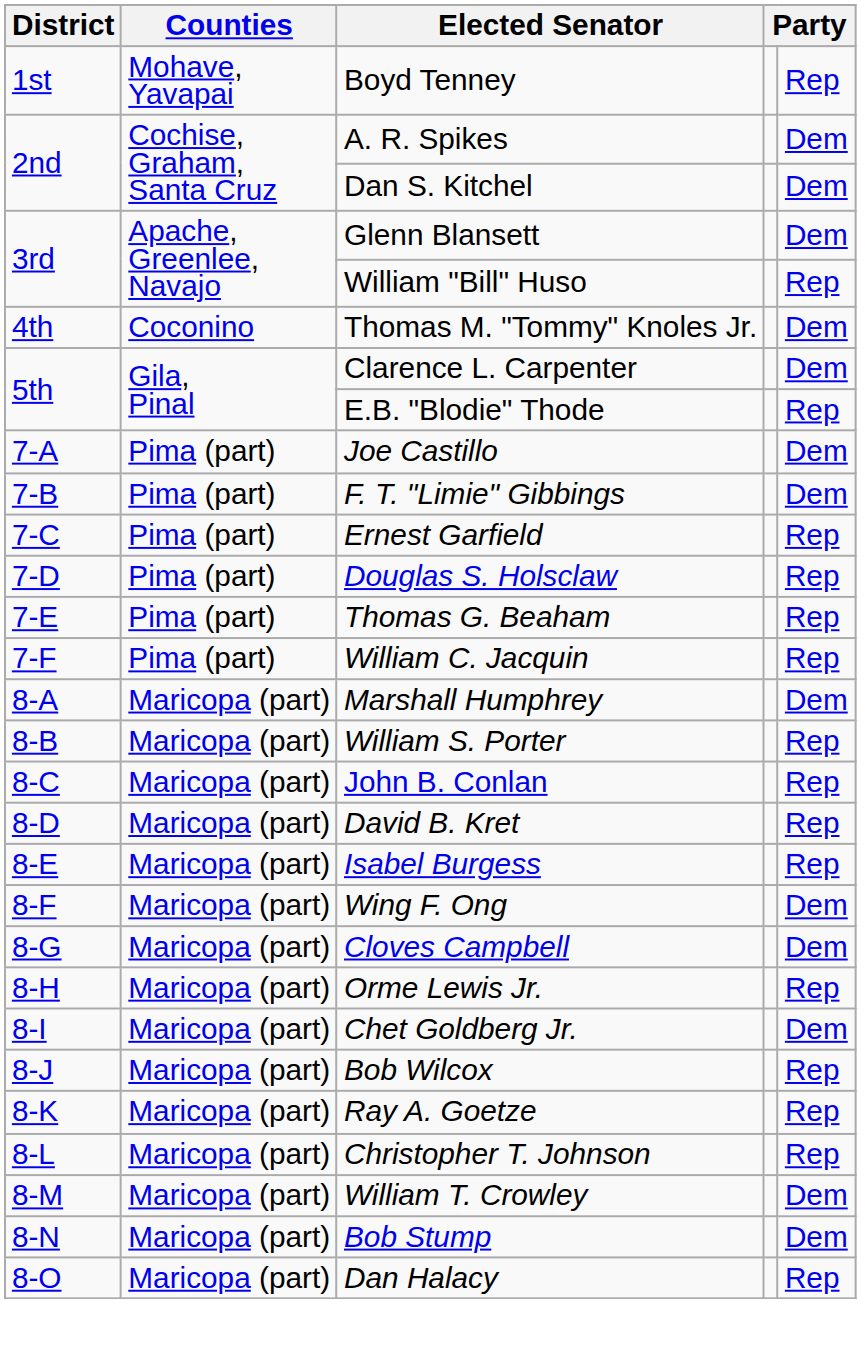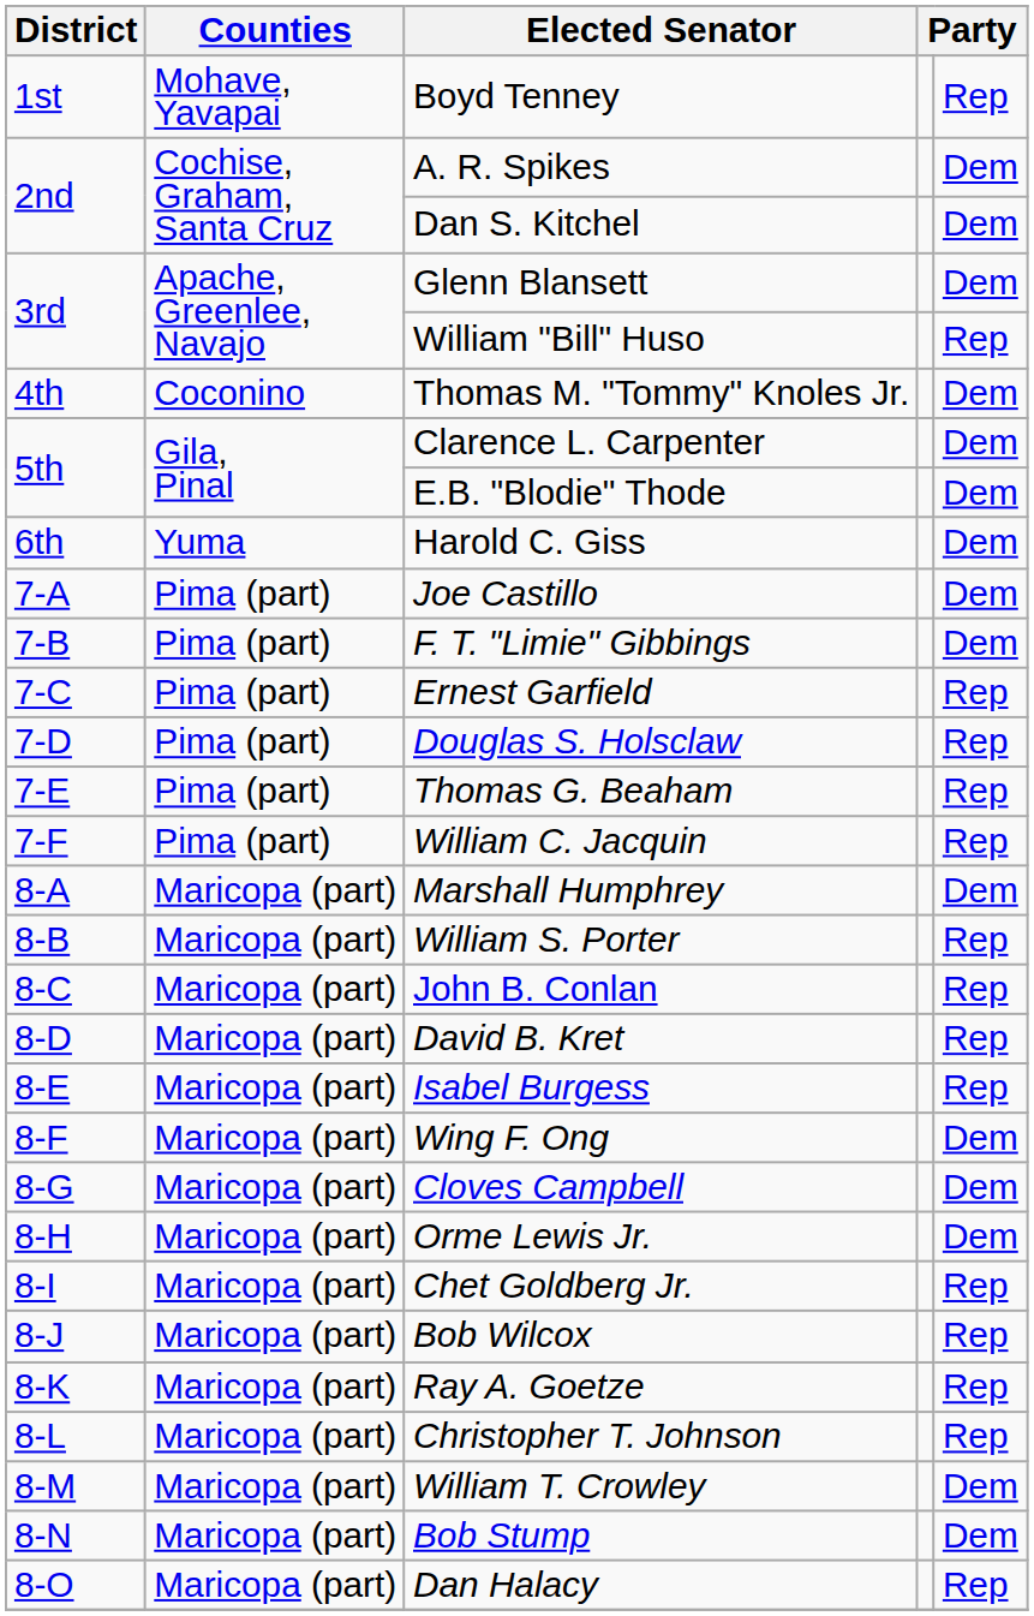 <table class="sortable wikitable" style="font-size:95%;line-height:14px;">
 <tr>
 <th>District</th>
 <th><a href='#'>Counties</a></th>
 <th>Elected Senator</th>
 <th colspan="2">Party</th>
 </tr>
 <tr>
 <td><a href='#'>1st</a></td>
 <td><a href='#'>Mohave</a>,<br><a href='#'>Yavapai</a></td>
 <td>Boyd Tenney</td>
 <td style="background:"></td>
 <td><a href='#'>Rep</a></td>
 </tr>
 <tr>
 <td rowspan="2"><a href='#'>2nd</a></td>
 <td rowspan="2"><a href='#'>Cochise</a>,<br><a href='#'>Graham</a>,<br><a href='#'>Santa Cruz</a></td>
 <td>A. R. Spikes</td>
 <td style="background:"></td>
 <td><a href='#'>Dem</a></td>
 </tr>
 <tr>
 <td>Dan S. Kitchel</td>
 <td style="background:"></td>
 <td><a href='#'>Dem</a></td>
 </tr>
 <tr>
 <td rowspan="2"><a href='#'>3rd</a></td>
 <td rowspan="2"><a href='#'>Apache</a>,<br><a href='#'>Greenlee</a>,<br><a href='#'>Navajo</a></td>
 <td>Glenn Blansett</td>
 <td style="background:"></td>
 <td><a href='#'>Dem</a></td>
 </tr>
 <tr>
 <td>William "Bill" Huso</td>
 <td style="background:"></td>
 <td><a href='#'>Rep</a></td>
 </tr>
 <tr>
 <td><a href='#'>4th</a></td>
 <td><a href='#'>Coconino</a></td>
 <td>Thomas M. "Tommy" Knoles Jr.</td>
 <td style="background:"></td>
 <td><a href='#'>Dem</a></td>
 </tr>
 <tr>
 <td rowspan="2"><a href='#'>5th</a></td>
 <td rowspan="2"><a href='#'>Gila</a>,<br><a href='#'>Pinal</a></td>
 <td>Clarence L. Carpenter</td>
 <td style="background:"></td>
 <td><a href='#'>Dem</a></td>
 </tr>
 <tr>
 <td>E.B. "Blodie" Thode</td>
 <td style="background:"></td>
-<td><a href='#'>Rep</a></td>
+<td><a href='#'>Dem</a></td>
+</tr>
+<tr>
+<td><a href='#'>6th</a></td>
+<td><a href='#'>Yuma</a></td>
+<td>Harold C. Giss</td>
+<td style="background:"></td>
+<td><a href='#'>Dem</a></td>
 </tr>
 <tr>
 <td><a href='#'>7-A</a></td>
 <td><a href='#'>Pima</a> (part)</td>
 <td><em>Joe Castillo</em></td>
 <td style="background:"></td>
 <td><a href='#'>Dem</a></td>
 </tr>
 <tr>
 <td><a href='#'>7-B</a></td>
 <td><a href='#'>Pima</a> (part)</td>
 <td><em>F. T. "Limie" Gibbings</em></td>
 <td style="background:"></td>
 <td><a href='#'>Dem</a></td>
 </tr>
 <tr>
 <td><a href='#'>7-C</a></td>
 <td><a href='#'>Pima</a> (part)</td>
 <td><em>Ernest Garfield</em></td>
 <td style="background:"></td>
 <td><a href='#'>Rep</a></td>
 </tr>
 <tr>
 <td><a href='#'>7-D</a></td>
 <td><a href='#'>Pima</a> (part)</td>
 <td><em><a href='#'>Douglas S. Holsclaw</a></em></td>
 <td style="background:"></td>
 <td><a href='#'>Rep</a></td>
 </tr>
 <tr>
 <td><a href='#'>7-E</a></td>
 <td><a href='#'>Pima</a> (part)</td>
 <td><em>Thomas G. Beaham</em></td>
 <td style="background:"></td>
 <td><a href='#'>Rep</a></td>
 </tr>
 <tr>
 <td><a href='#'>7-F</a></td>
 <td><a href='#'>Pima</a> (part)</td>
 <td><em>William C. Jacquin</em></td>
 <td style="background:"></td>
 <td><a href='#'>Rep</a></td>
 </tr>
 <tr>
 <td><a href='#'>8-A</a></td>
 <td><a href='#'>Maricopa</a> (part)</td>
 <td><em>Marshall Humphrey</em></td>
 <td style="background:"></td>
 <td><a href='#'>Dem</a></td>
 </tr>
 <tr>
 <td><a href='#'>8-B</a></td>
 <td><a href='#'>Maricopa</a> (part)</td>
 <td><em>William S. Porter</em></td>
 <td style="background:"></td>
 <td><a href='#'>Rep</a></td>
 </tr>
 <tr>
 <td><a href='#'>8-C</a></td>
 <td><a href='#'>Maricopa</a> (part)</td>
 <td><a href='#'>John B. Conlan</a></td>
 <td style="background:"></td>
 <td><a href='#'>Rep</a></td>
 </tr>
 <tr>
 <td><a href='#'>8-D</a></td>
 <td><a href='#'>Maricopa</a> (part)</td>
 <td><em>David B. Kret</em></td>
 <td style="background:"></td>
 <td><a href='#'>Rep</a></td>
 </tr>
 <tr>
 <td><a href='#'>8-E</a></td>
 <td><a href='#'>Maricopa</a> (part)</td>
 <td><em><a href='#'>Isabel Burgess</a></em></td>
 <td style="background:"></td>
 <td><a href='#'>Rep</a></td>
 </tr>
 <tr>
 <td><a href='#'>8-F</a></td>
 <td><a href='#'>Maricopa</a> (part)</td>
 <td><em>Wing F. Ong</em></td>
 <td style="background:"></td>
 <td><a href='#'>Dem</a></td>
 </tr>
 <tr>
 <td><a href='#'>8-G</a></td>
 <td><a href='#'>Maricopa</a> (part)</td>
 <td><em><a href='#'>Cloves Campbell</a></em></td>
 <td style="background:"></td>
 <td><a href='#'>Dem</a></td>
 </tr>
 <tr>
 <td><a href='#'>8-H</a></td>
 <td><a href='#'>Maricopa</a> (part)</td>
 <td><em>Orme Lewis Jr.</em></td>
 <td style="background:"></td>
-<td><a href='#'>Rep</a></td>
+<td><a href='#'>Dem</a></td>
 </tr>
 <tr>
 <td><a href='#'>8-I</a></td>
 <td><a href='#'>Maricopa</a> (part)</td>
 <td><em>Chet Goldberg Jr.</em></td>
 <td style="background:"></td>
-<td><a href='#'>Dem</a></td>
+<td><a href='#'>Rep</a></td>
 </tr>
 <tr>
 <td><a href='#'>8-J</a></td>
 <td><a href='#'>Maricopa</a> (part)</td>
 <td><em>Bob Wilcox</em></td>
 <td style="background:"></td>
 <td><a href='#'>Rep</a></td>
 </tr>
 <tr>
 <td><a href='#'>8-K</a></td>
 <td><a href='#'>Maricopa</a> (part)</td>
 <td><em>Ray A. Goetze</em></td>
 <td style="background:"></td>
 <td><a href='#'>Rep</a></td>
 </tr>
 <tr>
 <td><a href='#'>8-L</a></td>
 <td><a href='#'>Maricopa</a> (part)</td>
 <td><em>Christopher T. Johnson</em></td>
 <td style="background:"></td>
 <td><a href='#'>Rep</a></td>
 </tr>
 <tr>
 <td><a href='#'>8-M</a></td>
 <td><a href='#'>Maricopa</a> (part)</td>
 <td><em>William T. Crowley</em></td>
 <td style="background:"></td>
 <td><a href='#'>Dem</a></td>
 </tr>
 <tr>
 <td><a href='#'>8-N</a></td>
 <td><a href='#'>Maricopa</a> (part)</td>
 <td><em><a href='#'>Bob Stump</a></em></td>
 <td style="background:"></td>
 <td><a href='#'>Dem</a></td>
 </tr>
 <tr>
 <td><a href='#'>8-O</a></td>
 <td><a href='#'>Maricopa</a> (part)</td>
 <td><em>Dan Halacy</em></td>
 <td style="background:"></td>
 <td><a href='#'>Rep</a></td>
 </tr>
 <tr>
 </tr>
 </table>
